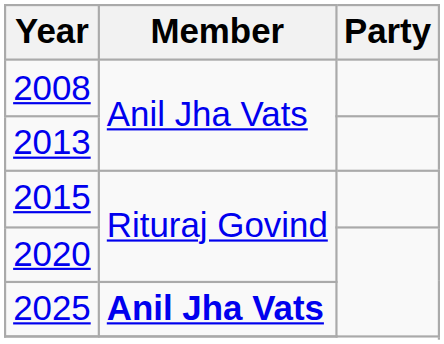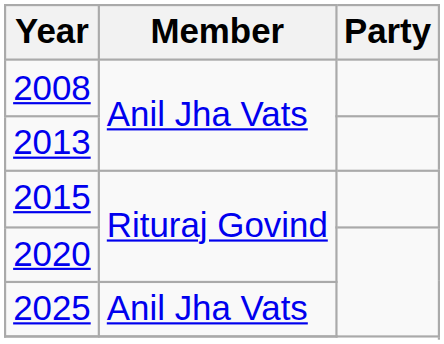 <table class="wikitable">
 <tr>
 <th>Year</th>
 <th>Member</th>
 <th colspan=2>Party</th>
 </tr>
 <tr>
 <td><a href='#'>2008</a></td>
 <td rowspan="2"><a href='#'>Anil Jha Vats</a></td>
 <td></td>
 </tr>
 <tr>
 <td><a href='#'>2013</a></td>
 </tr>
 <tr>
 <td><a href='#'>2015</a></td>
 <td rowspan="2"><a href='#'>Rituraj Govind</a></td>
 <td></td>
 </tr>
 <tr>
 <td><a href='#'>2020</a></td>
 </tr>
 <tr>
 <td><a href='#'>2025</a></td>
-<td><strong><a href='#'>Anil Jha Vats</a></strong></td>
+<td><a href='#'>Anil Jha Vats</a></td>
 </tr>
 <tr>
 </tr>
 </table>
